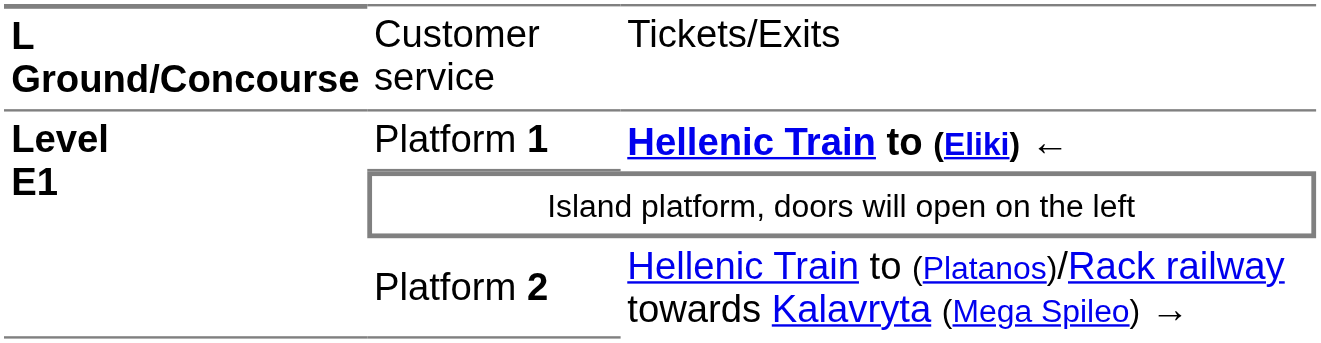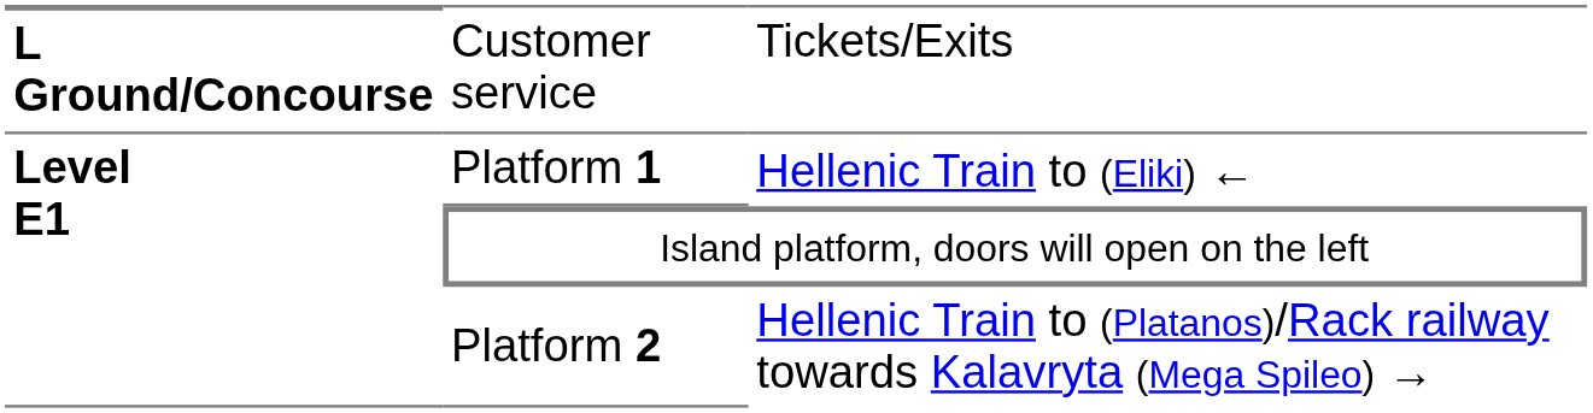 <table border=0 cellspacing=0 cellpadding=3>
 <tr>
 <td style="border-bottom:solid 1px gray;border-top:solid 2px gray;" width=50 valign=top><strong>L<br>Ground/Concourse</strong></td>
 <td style="border-top:solid 1px gray;border-bottom:solid 1px gray;" width=100 valign=top>Customer service</td>
 <td style="border-top:solid 1px gray;border-bottom:solid 1px gray;" width=285 valign=top>Tickets/Exits</td>
 </tr>
 <tr>
 <td style="border-bottom:solid 1px gray;" rowspan=3 valign=top><strong>Level<br>Ε1</strong></td>
 <td style="border-bottom:solid 1px gray;">Platform <strong>1</strong></td>
-<td><strong><a href='#'>Hellenic Train</a> to  <small>(<a href='#'>Eliki</a>)</small> ←</strong></td>
+<td><a href='#'>Hellenic Train</a> to  <small>(<a href='#'>Eliki</a>)</small> ←</td>
 </tr>
 <tr>
 <td style="border-bottom:solid 2px grey;border-top:solid 2px grey;border-right:solid 2px grey;border-left:solid 2px grey;text-align:center;" colspan=2><small>Island platform, doors will open on the left</small></td>
 </tr>
 <tr>
 <td style="border-bottom:solid 1px gray;">Platform <strong>2</strong></td>
 <td><a href='#'>Hellenic Train</a> to  <small>(<a href='#'>Platanos</a>)</small>/<a href='#'>Rack railway</a> towards <a href='#'>Kalavryta</a> <small>(<a href='#'>Mega Spileo</a>)</small> →</td>
 </tr>
 </table>
